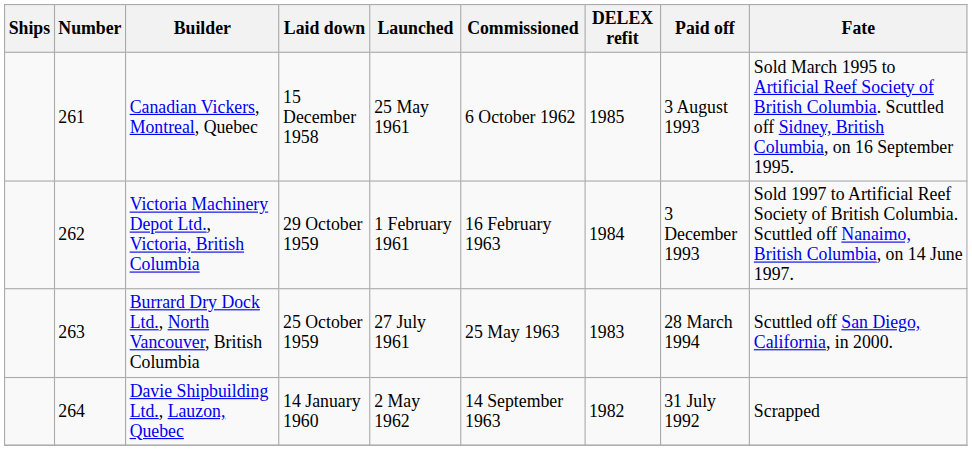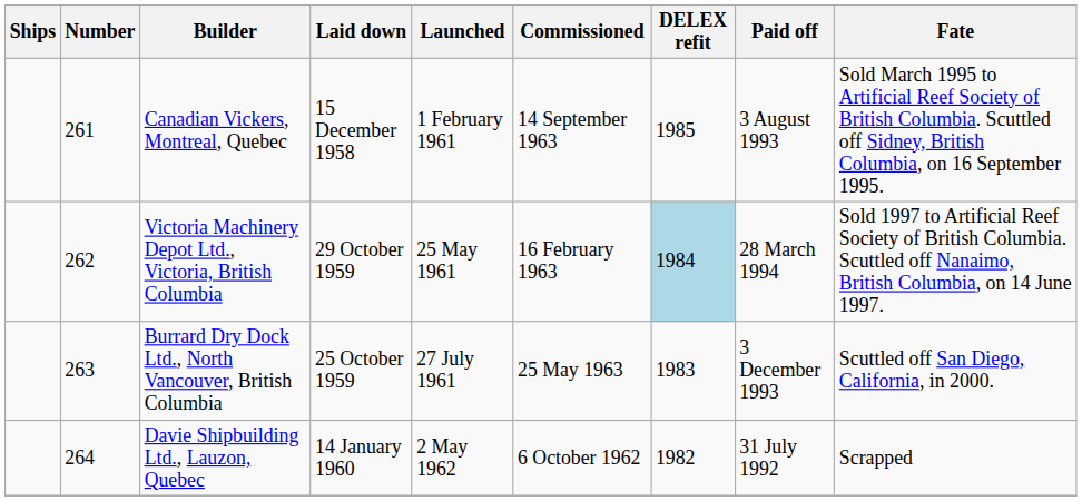 <table class="wikitable">
 <tr>
 <th>Ships</th>
 <th>Number</th>
 <th>Builder</th>
 <th>Laid down</th>
 <th>Launched</th>
 <th>Commissioned</th>
 <th>DELEX refit</th>
 <th>Paid off</th>
 <th>Fate</th>
 </tr>
 <tr>
 <td scope="row"></td>
 <td>261</td>
 <td><a href='#'>Canadian Vickers</a>, <a href='#'>Montreal</a>, Quebec</td>
 <td>15 December 1958</td>
-<td>25 May 1961</td>
-<td>6 October 1962</td>
+<td>1 February 1961</td>
+<td>14 September 1963</td>
 <td>1985</td>
 <td>3 August 1993</td>
 <td>Sold March 1995 to <a href='#'>Artificial Reef Society of British Columbia</a>. Scuttled off <a href='#'>Sidney, British Columbia</a>, on 16 September 1995.</td>
 </tr>
 <tr>
 <td scope="row"></td>
 <td>262</td>
 <td><a href='#'>Victoria Machinery Depot Ltd.</a>, <a href='#'>Victoria, British Columbia</a></td>
 <td>29 October 1959</td>
-<td>1 February 1961</td>
+<td>25 May 1961</td>
 <td>16 February 1963</td>
-<td>1984</td>
-<td>3 December 1993</td>
+<td style="background: lightblue;">1984</td>
+<td>28 March 1994</td>
 <td>Sold 1997 to Artificial Reef Society of British Columbia. Scuttled off <a href='#'>Nanaimo, British Columbia</a>, on 14 June 1997.</td>
 </tr>
 <tr>
 <td scope="row"></td>
 <td>263</td>
 <td><a href='#'>Burrard Dry Dock Ltd.</a>, <a href='#'>North Vancouver</a>, British Columbia</td>
 <td>25 October 1959</td>
 <td>27 July 1961</td>
 <td>25 May 1963</td>
 <td>1983</td>
-<td>28 March 1994</td>
+<td>3 December 1993</td>
 <td>Scuttled off <a href='#'>San Diego, California</a>, in 2000.</td>
 </tr>
 <tr>
 <td scope="row"></td>
 <td>264</td>
 <td><a href='#'>Davie Shipbuilding Ltd.</a>, <a href='#'>Lauzon, Quebec</a></td>
 <td>14 January 1960</td>
 <td>2 May 1962</td>
-<td>14 September 1963</td>
+<td>6 October 1962</td>
 <td>1982</td>
 <td>31 July 1992</td>
 <td>Scrapped</td>
 </tr>
 <tr>
 </tr>
 </table>
